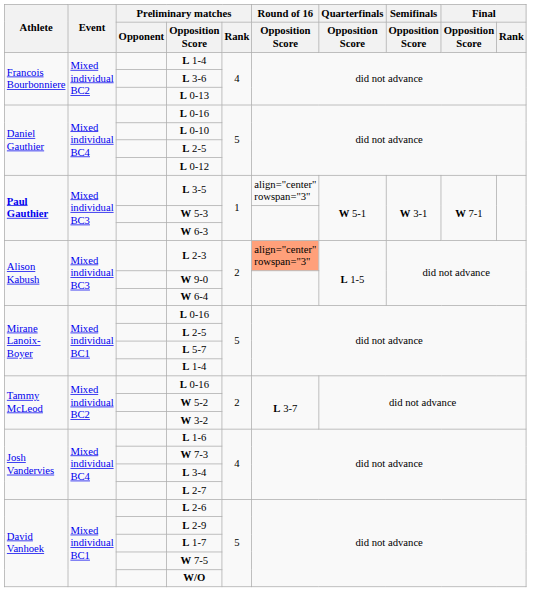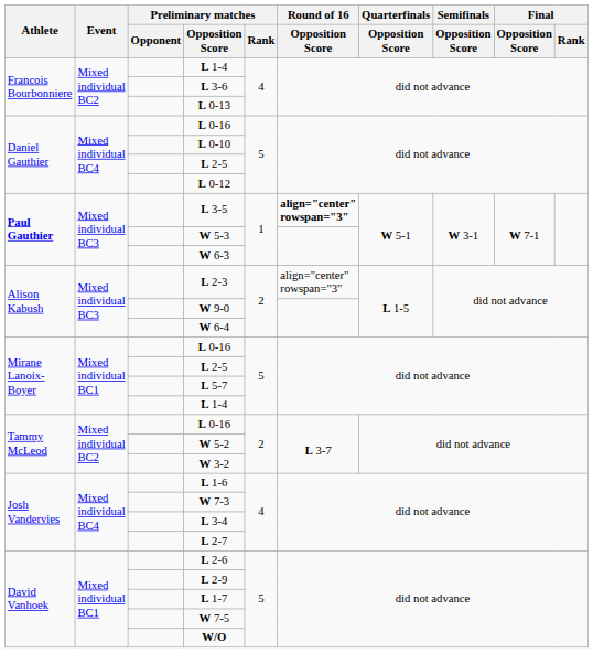 <table class=wikitable style="font-size:90%">
 <tr>
 <th rowspan="2">Athlete</th>
 <th rowspan="2">Event</th>
 <th colspan="3">Preliminary matches</th>
 <th>Round of 16</th>
 <th>Quarterfinals</th>
 <th>Semifinals</th>
 <th colspan="3">Final</th>
 </tr>
 <tr>
 <th>Opponent</th>
 <th>Opposition<br>Score</th>
 <th>Rank</th>
 <th>Opposition<br>Score</th>
 <th>Opposition<br>Score</th>
 <th>Opposition<br>Score</th>
 <th>Opposition<br>Score</th>
 <th>Rank</th>
 </tr>
 <tr>
 <td rowspan="3"><a href='#'>Francois Bourbonniere</a></td>
 <td rowspan="3"><a href='#'>Mixed individual BC2</a></td>
 <td align="left"></td>
 <td align="center"><strong>L</strong> 1-4</td>
 <td rowspan="3" align="center">4</td>
 <td align="center" rowspan="3" colspan="7">did not advance</td>
 </tr>
 <tr>
 <td align="left"></td>
 <td align="center"><strong>L</strong> 3-6</td>
 </tr>
 <tr>
 <td align="left"></td>
 <td align="center"><strong>L</strong> 0-13</td>
 </tr>
 <tr>
 <td rowspan="4"><a href='#'>Daniel Gauthier</a></td>
 <td rowspan="4"><a href='#'>Mixed individual BC4</a></td>
 <td align="left"></td>
 <td align="center"><strong>L</strong> 0-16</td>
 <td rowspan="4" align="center">5</td>
 <td align="center" rowspan="4" colspan="7">did not advance</td>
 </tr>
 <tr>
 <td align="left"></td>
 <td align="center"><strong>L</strong> 0-10</td>
 </tr>
 <tr>
 <td align="left"></td>
 <td align="center"><strong>L</strong> 2-5</td>
 </tr>
 <tr>
 <td align="left"></td>
 <td align="center"><strong>L</strong> 0-12</td>
 </tr>
 <tr>
 <td rowspan="3"><strong><a href='#'>Paul Gauthier</a></strong></td>
 <td rowspan="3"><a href='#'>Mixed individual BC3</a></td>
 <td align="left"></td>
 <td align="center"><strong>L</strong> 3-5</td>
 <td rowspan="3" align="center">1</td>
-<td>align="center" rowspan="3" </td>
+<td><strong>align="center" rowspan="3" </strong></td>
 <td align="center" rowspan="3"><br><strong>W</strong> 5-1</td>
 <td align="center" rowspan="3"><br><strong>W</strong> 3-1</td>
 <td align="center" rowspan="3"><br><strong>W</strong> 7-1</td>
 <td align="center" rowspan="3"></td>
 </tr>
 <tr>
 <td align="left"></td>
 <td align="center"><strong>W</strong> 5-3</td>
 </tr>
 <tr>
 <td align="left"></td>
 <td align="center"><strong>W</strong> 6-3</td>
 </tr>
 <tr>
 <td rowspan="3"><a href='#'>Alison Kabush</a></td>
 <td rowspan="3"><a href='#'>Mixed individual BC3</a></td>
 <td align="left"></td>
 <td align="center"><strong>L</strong> 2-3</td>
 <td rowspan="3" align="center">2</td>
-<td style="background: lightsalmon;">align="center" rowspan="3" </td>
+<td>align="center" rowspan="3" </td>
 <td align="center" rowspan="3"><br><strong>L</strong> 1-5</td>
 <td align="center" rowspan="3" colspan="5">did not advance</td>
 </tr>
 <tr>
 <td align="left"></td>
 <td align="center"><strong>W</strong> 9-0</td>
 </tr>
 <tr>
 <td align="left"></td>
 <td align="center"><strong>W</strong> 6-4</td>
 </tr>
 <tr>
 <td rowspan="4"><a href='#'>Mirane Lanoix-Boyer</a></td>
 <td rowspan="4"><a href='#'>Mixed individual BC1</a></td>
 <td align="left"></td>
 <td align="center"><strong>L</strong> 0-16</td>
 <td rowspan="4" align="center">5</td>
 <td align="center" rowspan="4" colspan="7">did not advance</td>
 </tr>
 <tr>
 <td align="left"></td>
 <td align="center"><strong>L</strong> 2-5</td>
 </tr>
 <tr>
 <td align="left"></td>
 <td align="center"><strong>L</strong> 5-7</td>
 </tr>
 <tr>
 <td align="left"></td>
 <td align="center"><strong>L</strong> 1-4</td>
 </tr>
 <tr>
 <td rowspan="3"><a href='#'>Tammy McLeod</a></td>
 <td rowspan="3"><a href='#'>Mixed individual BC2</a></td>
 <td align="left"></td>
 <td align="center"><strong>L</strong> 0-16</td>
 <td rowspan="3" align="center">2</td>
 <td rowspan="3" align="center"><br><strong>L</strong> 3-7</td>
 <td align="center" rowspan="3" colspan="6">did not advance</td>
 </tr>
 <tr>
 <td align="left"></td>
 <td align="center"><strong>W</strong> 5-2</td>
 </tr>
 <tr>
 <td align="left"></td>
 <td align="center"><strong>W</strong> 3-2</td>
 </tr>
 <tr>
 <td rowspan="4"><a href='#'>Josh Vandervies</a></td>
 <td rowspan="4"><a href='#'>Mixed individual BC4</a></td>
 <td align="left"></td>
 <td align="center"><strong>L</strong> 1-6</td>
 <td rowspan="4" align="center">4</td>
 <td align="center" rowspan="4" colspan="7">did not advance</td>
 </tr>
 <tr>
 <td align="left"></td>
 <td align="center"><strong>W</strong> 7-3</td>
 </tr>
 <tr>
 <td align="left"></td>
 <td align="center"><strong>L</strong> 3-4</td>
 </tr>
 <tr>
 <td align="left"></td>
 <td align="center"><strong>L</strong> 2-7</td>
 </tr>
 <tr>
 <td rowspan="5"><a href='#'>David Vanhoek</a></td>
 <td rowspan="5"><a href='#'>Mixed individual BC1</a></td>
 <td align="left"></td>
 <td align="center"><strong>L</strong> 2-6</td>
 <td rowspan="5" align="center">5</td>
 <td align="center" rowspan="5" colspan="7">did not advance</td>
 </tr>
 <tr>
 <td align="left"></td>
 <td align="center"><strong>L</strong> 2-9</td>
 </tr>
 <tr>
 <td align="left"></td>
 <td align="center"><strong>L</strong> 1-7</td>
 </tr>
 <tr>
 <td align="left"></td>
 <td align="center"><strong>W</strong> 7-5</td>
 </tr>
 <tr>
 <td align="left"></td>
 <td align="center"><strong>W/O</strong></td>
 </tr>
 </table>
